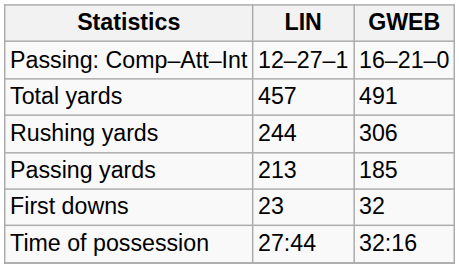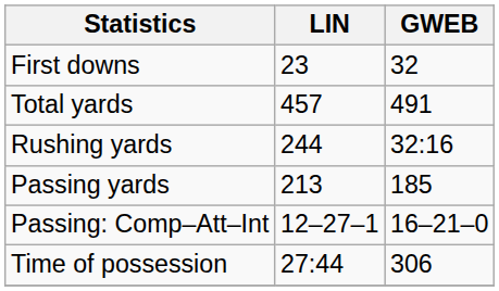 <table class="wikitable" style="float: left;">
 <tr>
 <th>Statistics</th>
 <th>LIN</th>
 <th>GWEB</th>
 </tr>
 <tr>
-<td>Passing: Comp–Att–Int</td>
-<td>12–27–1</td>
-<td>16–21–0</td>
+<td>First downs</td>
+<td>23</td>
+<td>32</td>
 </tr>
 <tr>
 <td>Total yards</td>
 <td>457</td>
 <td>491</td>
 </tr>
 <tr>
 <td>Rushing yards</td>
 <td>244</td>
-<td>306</td>
+<td>32:16</td>
 </tr>
 <tr>
 <td>Passing yards</td>
 <td>213</td>
 <td>185</td>
 </tr>
 <tr>
-<td>First downs</td>
-<td>23</td>
-<td>32</td>
+<td>Passing: Comp–Att–Int</td>
+<td>12–27–1</td>
+<td>16–21–0</td>
 </tr>
 <tr>
 <td>Time of possession</td>
 <td>27:44</td>
-<td>32:16</td>
+<td>306</td>
 </tr>
 <tr>
 </tr>
 </table>
